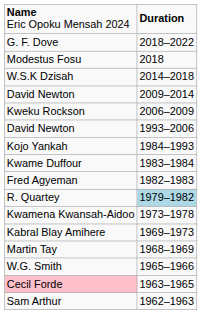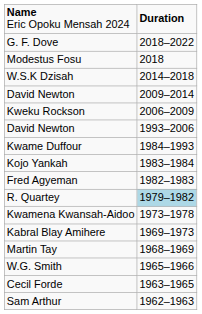 <table class="wikitable">
 <tr>
 <td><strong>Name</strong><br>Eric Opoku Mensah 2024</td>
 <td><strong>Duration</strong></td>
 </tr>
 <tr>
 <td>G. F. Dove</td>
 <td>2018–2022</td>
 </tr>
 <tr>
 <td>Modestus Fosu</td>
 <td>2018</td>
 </tr>
 <tr>
 <td>W.S.K Dzisah</td>
 <td>2014–2018</td>
 </tr>
 <tr>
 <td>David Newton</td>
 <td>2009–2014</td>
 </tr>
 <tr>
 <td>Kweku Rockson</td>
 <td>2006–2009</td>
 </tr>
 <tr>
 <td>David Newton</td>
 <td>1993–2006</td>
 </tr>
 <tr>
-<td>Kojo Yankah</td>
+<td>Kwame Duffour</td>
 <td>1984–1993</td>
 </tr>
 <tr>
-<td>Kwame Duffour</td>
+<td>Kojo Yankah</td>
 <td>1983–1984</td>
 </tr>
 <tr>
 <td>Fred Agyeman</td>
 <td>1982–1983</td>
 </tr>
 <tr>
 <td>R. Quartey</td>
 <td style="background: lightblue;">1979–1982</td>
 </tr>
 <tr>
 <td>Kwamena Kwansah-Aidoo</td>
 <td>1973–1978</td>
 </tr>
 <tr>
 <td>Kabral Blay Amihere</td>
 <td>1969–1973</td>
 </tr>
 <tr>
 <td>Martin Tay</td>
 <td>1968–1969</td>
 </tr>
 <tr>
 <td>W.G. Smith</td>
 <td>1965–1966</td>
 </tr>
 <tr>
-<td style="background: pink;">Cecil Forde</td>
+<td>Cecil Forde</td>
 <td>1963–1965</td>
 </tr>
 <tr>
 <td>Sam Arthur</td>
 <td>1962–1963</td>
 </tr>
 </table>
